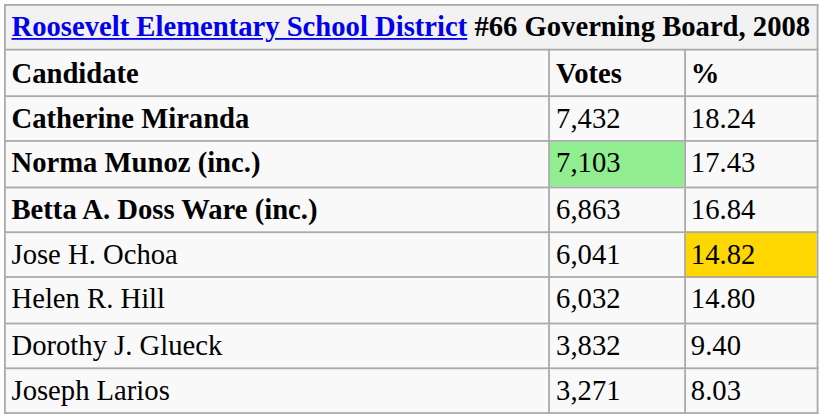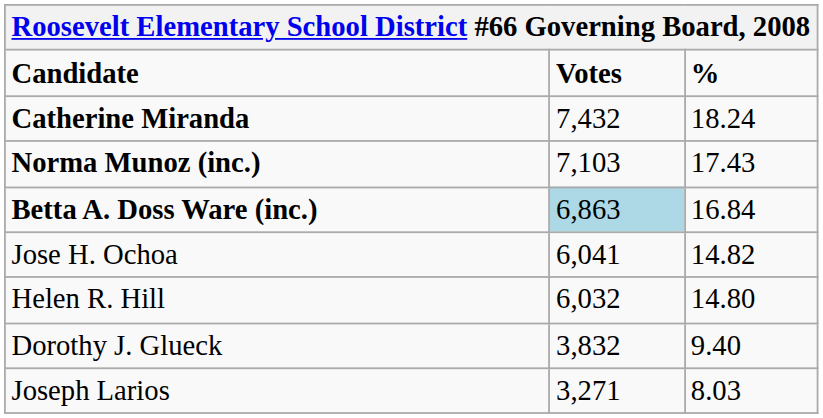 <table class="wikitable">
 <tr>
 <th colspan="3"><a href='#'>Roosevelt Elementary School District</a> #66 Governing Board, 2008</th>
 </tr>
 <tr>
 <td><strong>Candidate</strong></td>
 <td><strong>Votes</strong></td>
 <td><strong>%</strong></td>
 </tr>
 <tr>
 <td><strong>Catherine Miranda</strong></td>
 <td>7,432</td>
 <td>18.24</td>
 </tr>
 <tr>
 <td><strong>Norma Munoz (inc.)</strong></td>
-<td style="background: lightgreen;">7,103</td>
+<td>7,103</td>
 <td>17.43</td>
 </tr>
 <tr>
 <td><strong>Betta A. Doss Ware (inc.)</strong></td>
-<td>6,863</td>
+<td style="background: lightblue;">6,863</td>
 <td>16.84</td>
 </tr>
 <tr>
 <td>Jose H. Ochoa</td>
 <td>6,041</td>
-<td style="background: gold;">14.82</td>
+<td>14.82</td>
 </tr>
 <tr>
 <td>Helen R. Hill</td>
 <td>6,032</td>
 <td>14.80</td>
 </tr>
 <tr>
 <td>Dorothy J. Glueck</td>
 <td>3,832</td>
 <td>9.40</td>
 </tr>
 <tr>
 <td>Joseph Larios</td>
 <td>3,271</td>
 <td>8.03</td>
 </tr>
 </table>
